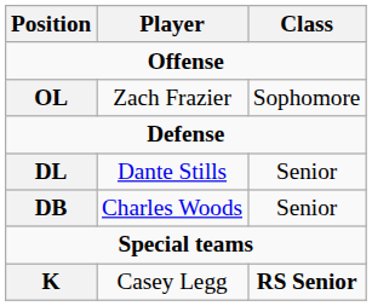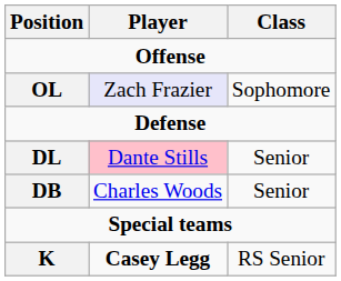 <table class="wikitable">
 <tr>
 <th>Position</th>
 <th>Player</th>
 <th>Class</th>
 </tr>
 <tr>
 <td colspan="4" style="text-align:center; "><strong>Offense</strong></td>
 </tr>
 <tr style="text-align:center;">
 <th rowspan="1">OL</th>
-<td>Zach Frazier</td>
+<td style="background: lavender;">Zach Frazier</td>
 <td>Sophomore</td>
 </tr>
 <tr>
 <td colspan="4" style="text-align:center; "><strong>Defense</strong></td>
 </tr>
 <tr style="text-align:center;">
 <th rowspan="1">DL</th>
-<td><a href='#'>Dante Stills</a></td>
+<td style="background: pink;"><a href='#'>Dante Stills</a></td>
 <td>Senior</td>
 </tr>
 <tr style="text-align:center;">
 <th rowspan="1">DB</th>
 <td><a href='#'>Charles Woods</a></td>
 <td>Senior</td>
 </tr>
 <tr>
 <td colspan="4" style="text-align:center; "><strong>Special teams</strong></td>
 </tr>
 <tr style="text-align:center;">
 <th rowspan="1">K</th>
-<td>Casey Legg</td>
-<td><strong>RS Senior</strong></td>
+<td><strong>Casey Legg</strong></td>
+<td>RS Senior</td>
 </tr>
 </table>
